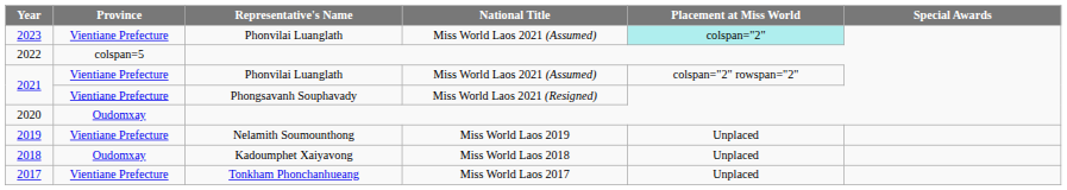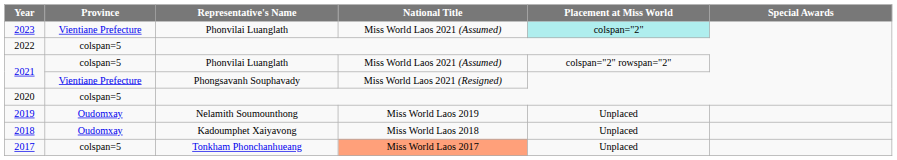 <table class="wikitable " style="font-size: 89%; text-align:center">
 <tr>
 <th width="50" style="background-color:#787878;color:#FFFFFF;">Year</th>
 <th width="150" style="background-color:#787878;color:#FFFFFF;">Province</th>
 <th width="250" style="background-color:#787878;color:#FFFFFF;">Representative's Name</th>
 <th width="260" style="background-color:#787878;color:#FFFFFF;">National Title</th>
 <th width="250" style="background-color:#787878;color:#FFFFFF;">Placement at Miss World</th>
 <th width="250" style="background-color:#787878;color:#FFFFFF;">Special Awards</th>
 </tr>
 <tr>
 <td><a href='#'>2023</a></td>
 <td><a href='#'>Vientiane Prefecture</a></td>
 <td>Phonvilai Luanglath</td>
 <td>Miss World Laos 2021 <em>(Assumed)</em></td>
 <td style="background: paleturquoise;">colspan="2" </td>
 </tr>
 <tr>
 <td>2022</td>
 <td>colspan=5 </td>
 </tr>
 <tr>
 <td rowspan="2"><a href='#'>2021</a></td>
-<td><a href='#'>Vientiane Prefecture</a></td>
+<td>colspan=5 </td>
 <td>Phonvilai Luanglath</td>
 <td>Miss World Laos 2021 <em>(Assumed)</em></td>
 <td>colspan="2" rowspan="2" </td>
 </tr>
 <tr>
 <td><a href='#'>Vientiane Prefecture</a></td>
 <td>Phongsavanh Souphavady</td>
 <td>Miss World Laos 2021 <em>(Resigned)</em></td>
 </tr>
 <tr>
 <td>2020</td>
-<td><a href='#'>Oudomxay</a></td>
+<td>colspan=5 </td>
 </tr>
 <tr>
 <td><a href='#'>2019</a></td>
-<td><a href='#'>Vientiane Prefecture</a></td>
+<td><a href='#'>Oudomxay</a></td>
 <td>Nelamith Soumounthong</td>
 <td>Miss World Laos 2019</td>
 <td>Unplaced</td>
 <td></td>
 </tr>
 <tr>
 <td><a href='#'>2018</a></td>
 <td><a href='#'>Oudomxay</a></td>
 <td>Kadoumphet Xaiyavong</td>
 <td>Miss World Laos 2018</td>
 <td>Unplaced</td>
 <td></td>
 </tr>
 <tr>
 <td><a href='#'>2017</a></td>
-<td><a href='#'>Vientiane Prefecture</a></td>
+<td>colspan=5 </td>
 <td><a href='#'>Tonkham Phonchanhueang</a></td>
-<td>Miss World Laos 2017</td>
+<td style="background: lightsalmon;">Miss World Laos 2017</td>
 <td>Unplaced</td>
 <td></td>
 </tr>
 </table>
